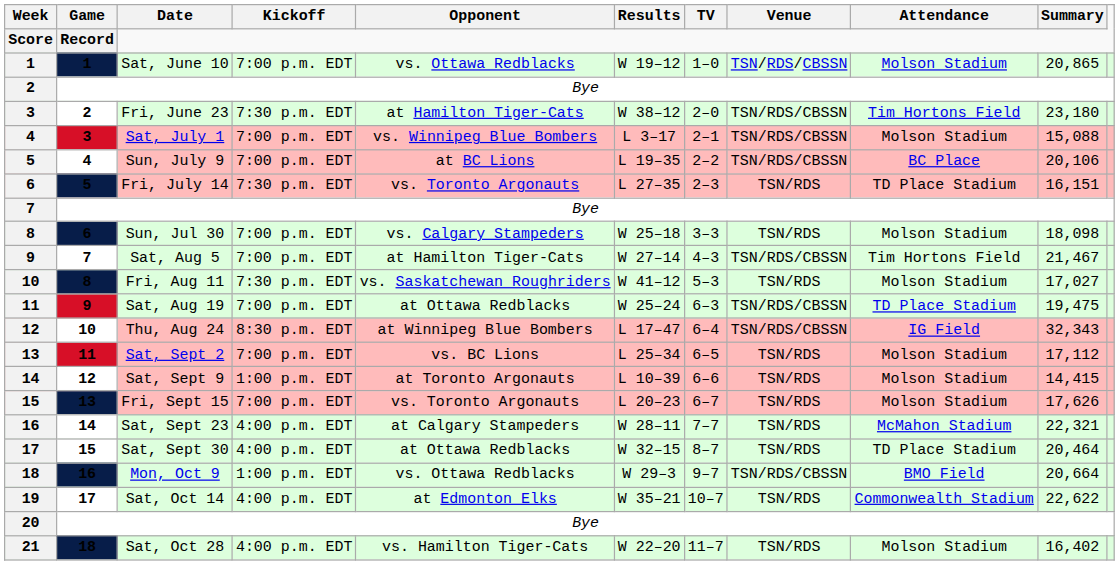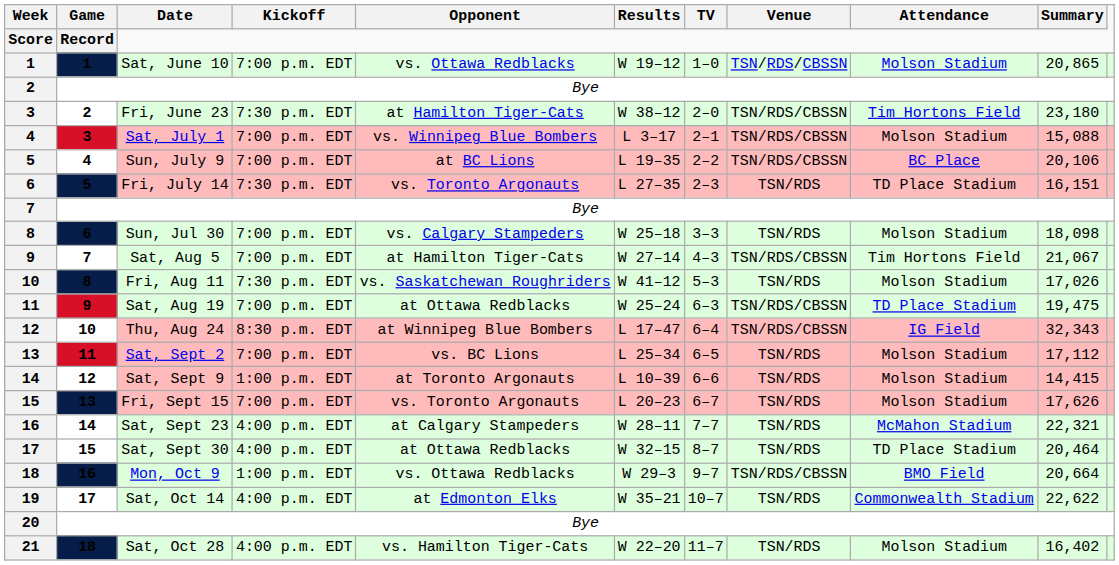 <table class="wikitable" style="font-size: 95%;">
 <tr>
 <th scope="col">Week</th>
 <th scope="col">Game</th>
 <th scope="col">Date</th>
 <th scope="col">Kickoff</th>
 <th scope="col">Opponent</th>
 <th scope="col">Results</th>
 <th scope="col">TV</th>
 <th scope="col">Venue</th>
 <th scope="col">Attendance</th>
 <th scope="col">Summary</th>
 </tr>
 <tr>
 <th scope="col">Score</th>
 <th scope="col">Record</th>
 </tr>
 <tr align="center"= bgcolor="ddffdd">
 <th align="center"><strong>1</strong></th>
 <th style="text-align:center; background:#071D49;"><span><strong>1</strong></span></th>
 <td align="center">Sat, June 10</td>
 <td align="center">7:00 p.m. EDT</td>
 <td align="center">vs. <a href='#'>Ottawa Redblacks</a></td>
 <td align="center">W 19–12</td>
 <td align="center">1–0</td>
 <td align="center"><a href='#'>TSN</a>/<a href='#'>RDS</a>/<a href='#'>CBSSN</a></td>
 <td align="center"><a href='#'>Molson Stadium</a></td>
 <td align="center">20,865</td>
 <td align="center"></td>
 </tr>
 <tr align="center"= bgcolor="ffffff">
 <th align="center"><strong>2</strong></th>
 <td colspan=10 align="center" valign="middle"><em>Bye</em></td>
 </tr>
 <tr align="center"= bgcolor="ddffdd">
 <th align="center"><strong>3</strong></th>
 <th style="text-align:center; background:white;"><span><strong>2</strong></span></th>
 <td align="center">Fri, June 23</td>
 <td align="center">7:30 p.m. EDT</td>
 <td align="center">at <a href='#'>Hamilton Tiger-Cats</a></td>
 <td align="center">W 38–12</td>
 <td align="center">2–0</td>
 <td align="center">TSN/RDS/CBSSN</td>
 <td align="center"><a href='#'>Tim Hortons Field</a></td>
 <td align="center">23,180</td>
 <td align="center"></td>
 </tr>
 <tr align="center"= bgcolor="ffbbbb">
 <th align="center"><strong>4</strong></th>
 <th style="text-align:center; background:#D70F27;"><span><strong>3</strong></span></th>
 <td align="center"><a href='#'>Sat, July 1</a></td>
 <td align="center">7:00 p.m. EDT</td>
 <td align="center">vs. <a href='#'>Winnipeg Blue Bombers</a></td>
 <td align="center">L 3–17</td>
 <td align="center">2–1</td>
 <td align="center">TSN/RDS/CBSSN</td>
 <td align="center">Molson Stadium</td>
 <td align="center">15,088</td>
 <td align="center"></td>
 </tr>
 <tr align="center"= bgcolor="ffbbbb">
 <th align="center"><strong>5</strong></th>
 <th style="text-align:center; background:white;"><span><strong>4</strong></span></th>
 <td align="center">Sun, July 9</td>
 <td align="center">7:00 p.m. EDT</td>
 <td align="center">at <a href='#'>BC Lions</a></td>
 <td align="center">L 19–35</td>
 <td align="center">2–2</td>
 <td align="center">TSN/RDS/CBSSN</td>
 <td align="center"><a href='#'>BC Place</a></td>
 <td align="center">20,106</td>
 <td align="center"></td>
 </tr>
 <tr align="center"= bgcolor="ffbbbb">
 <th align="center"><strong>6</strong></th>
 <th style="text-align:center; background:#071D49;"><span><strong>5</strong></span></th>
 <td align="center">Fri, July 14</td>
 <td align="center">7:30 p.m. EDT</td>
 <td align="center">vs. <a href='#'>Toronto Argonauts</a></td>
 <td align="center">L 27–35</td>
 <td align="center">2–3</td>
 <td align="center">TSN/RDS</td>
 <td align="center">TD Place Stadium</td>
 <td align="center">16,151</td>
 <td align="center"></td>
 </tr>
 <tr align="center"= bgcolor="ffffff">
 <th align="center"><strong>7</strong></th>
 <td colspan=10 align="center" valign="middle"><em>Bye</em></td>
 </tr>
 <tr align="center"= bgcolor="ddffdd">
 <th align="center"><strong>8</strong></th>
 <th style="text-align:center; background:#071D49;"><span><strong>6</strong></span></th>
 <td align="center">Sun, Jul 30</td>
 <td align="center">7:00 p.m. EDT</td>
 <td align="center">vs. <a href='#'>Calgary Stampeders</a></td>
 <td align="center">W 25–18</td>
 <td align="center">3–3</td>
 <td align="center">TSN/RDS</td>
 <td align="center">Molson Stadium</td>
 <td align="center">18,098</td>
 <td align="center"></td>
 </tr>
 <tr align="center"= bgcolor="ddffdd">
 <th align="center"><strong>9</strong></th>
 <th style="text-align:center; background:white;"><span><strong>7</strong></span></th>
 <td align="center">Sat, Aug 5</td>
 <td align="center">7:00 p.m. EDT</td>
 <td align="center">at Hamilton Tiger-Cats</td>
 <td align="center">W 27–14</td>
 <td align="center">4–3</td>
 <td align="center">TSN/RDS/CBSSN</td>
 <td align="center">Tim Hortons Field</td>
-<td align="center">21,467</td>
+<td align="center">21,067</td>
 <td align="center"></td>
 </tr>
 <tr align="center"= bgcolor="ddffdd">
 <th align="center"><strong>10</strong></th>
 <th style="text-align:center; background:#071D49;"><span><strong>8</strong></span></th>
 <td align="center">Fri, Aug 11</td>
 <td align="center">7:30 p.m. EDT</td>
 <td align="center">vs. <a href='#'>Saskatchewan Roughriders</a></td>
 <td align="center">W 41–12</td>
 <td align="center">5–3</td>
 <td align="center">TSN/RDS</td>
 <td align="center">Molson Stadium</td>
-<td align="center">17,027</td>
+<td align="center">17,026</td>
 <td align="center"></td>
 </tr>
 <tr align="center"= bgcolor="ddffdd">
 <th align="center"><strong>11</strong></th>
 <th style="text-align:center; background:#D70F27;"><span><strong>9</strong></span></th>
 <td align="center">Sat, Aug 19</td>
 <td align="center">7:00 p.m. EDT</td>
 <td align="center">at Ottawa Redblacks</td>
 <td align="center">W 25–24</td>
 <td align="center">6–3</td>
 <td align="center">TSN/RDS/CBSSN</td>
 <td align="center"><a href='#'>TD Place Stadium</a></td>
 <td align="center">19,475</td>
 <td align="center"></td>
 </tr>
 <tr align="center"= bgcolor="ffbbbb">
 <th align="center"><strong>12</strong></th>
 <th style="text-align:center; background:white;"><span><strong>10</strong></span></th>
 <td align="center">Thu, Aug 24</td>
 <td align="center">8:30 p.m. EDT</td>
 <td align="center">at Winnipeg Blue Bombers</td>
 <td align="center">L 17–47</td>
 <td align="center">6–4</td>
 <td align="center">TSN/RDS/CBSSN</td>
 <td align="center"><a href='#'>IG Field</a></td>
 <td align="center">32,343</td>
 <td align="center"></td>
 </tr>
 <tr align="center"= bgcolor="ffbbbb">
 <th align="center"><strong>13</strong></th>
 <th style="text-align:center; background:#D70F27;"><span><strong>11</strong></span></th>
 <td align="center"><a href='#'>Sat, Sept 2</a></td>
 <td align="center">7:00 p.m. EDT</td>
 <td align="center">vs. BC Lions</td>
 <td align="center">L 25–34</td>
 <td align="center">6–5</td>
 <td align="center">TSN/RDS</td>
 <td align="center">Molson Stadium</td>
 <td align="center">17,112</td>
 <td align="center"></td>
 </tr>
 <tr align="center"= bgcolor="ffbbbb">
 <th align="center"><strong>14</strong></th>
 <th style="text-align:center; background:white;"><span><strong>12</strong></span></th>
 <td align="center">Sat, Sept 9</td>
 <td align="center">1:00 p.m. EDT</td>
 <td align="center">at Toronto Argonauts</td>
 <td align="center">L 10–39</td>
 <td align="center">6–6</td>
 <td align="center">TSN/RDS</td>
 <td align="center">Molson Stadium</td>
 <td align="center">14,415</td>
 <td align="center"></td>
 </tr>
 <tr align="center"= bgcolor="ffbbbb">
 <th align="center"><strong>15</strong></th>
 <th style="text-align:center; background:#071D49;"><span><strong>13</strong></span></th>
 <td align="center">Fri, Sept 15</td>
 <td align="center">7:00 p.m. EDT</td>
 <td align="center">vs. Toronto Argonauts</td>
 <td align="center">L 20–23</td>
 <td align="center">6–7</td>
 <td align="center">TSN/RDS</td>
 <td align="center">Molson Stadium</td>
 <td align="center">17,626</td>
 <td align="center"></td>
 </tr>
 <tr align="center"= bgcolor="ddffdd">
 <th align="center"><strong>16</strong></th>
 <th style="text-align:center; background:white;"><span><strong>14</strong></span></th>
 <td align="center">Sat, Sept 23</td>
 <td align="center">4:00 p.m. EDT</td>
 <td align="center">at Calgary Stampeders</td>
 <td align="center">W 28–11</td>
 <td align="center">7–7</td>
 <td align="center">TSN/RDS</td>
 <td align="center"><a href='#'>McMahon Stadium</a></td>
 <td align="center">22,321</td>
 <td align="center"></td>
 </tr>
 <tr align="center"= bgcolor="ddffdd">
 <th align="center"><strong>17</strong></th>
 <th style="text-align:center; background:white;"><span><strong>15</strong></span></th>
 <td align="center">Sat, Sept 30</td>
 <td align="center">4:00 p.m. EDT</td>
 <td align="center">at Ottawa Redblacks</td>
 <td align="center">W 32–15</td>
 <td align="center">8–7</td>
 <td align="center">TSN/RDS</td>
 <td align="center">TD Place Stadium</td>
 <td align="center">20,464</td>
 <td align="center"></td>
 </tr>
 <tr align="center"= bgcolor="ddffdd">
 <th align="center"><strong>18</strong></th>
 <th style="text-align:center; background:#071D49;"><span><strong>16</strong></span></th>
 <td align="center"><a href='#'>Mon, Oct 9</a></td>
 <td align="center">1:00 p.m. EDT</td>
 <td align="center">vs. Ottawa Redblacks</td>
 <td align="center">W 29–3</td>
 <td align="center">9–7</td>
 <td align="center">TSN/RDS/CBSSN</td>
 <td align="center"><a href='#'>BMO Field</a></td>
 <td align="center">20,664</td>
 <td align="center"></td>
 </tr>
 <tr align="center"= bgcolor="ddffdd">
 <th align="center"><strong>19</strong></th>
 <th style="text-align:center; background:white;"><span><strong>17</strong></span></th>
 <td align="center">Sat, Oct 14</td>
 <td align="center">4:00 p.m. EDT</td>
 <td align="center">at <a href='#'>Edmonton Elks</a></td>
 <td align="center">W 35–21</td>
 <td align="center">10–7</td>
 <td align="center">TSN/RDS</td>
 <td align="center"><a href='#'>Commonwealth Stadium</a></td>
 <td align="center">22,622</td>
 <td align="center"></td>
 </tr>
 <tr align="center"= bgcolor="ffffff">
 <th align="center"><strong>20</strong></th>
 <td colspan=10 align="center" valign="middle"><em>Bye</em></td>
 </tr>
 <tr align="center"= bgcolor="ddffdd">
 <th align="center"><strong>21</strong></th>
 <th style="text-align:center; background:#071D49;"><span><strong>18</strong></span></th>
 <td align="center">Sat, Oct 28</td>
 <td align="center">4:00 p.m. EDT</td>
 <td align="center">vs. Hamilton Tiger-Cats</td>
 <td align="center">W 22–20</td>
 <td align="center">11–7</td>
 <td align="center">TSN/RDS</td>
 <td align="center">Molson Stadium</td>
 <td align="center">16,402</td>
 <td align="center"></td>
 </tr>
 </table>
